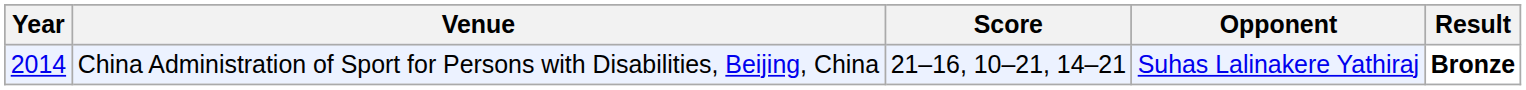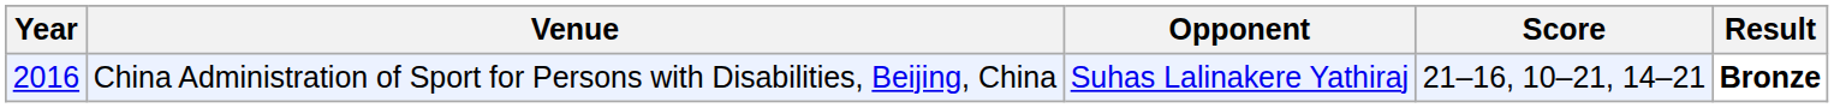 <table class="sortable wikitable" style="font-size: 90%;">
 <tr>
 <th>Year</th>
 <th>Venue</th>
+<th>Opponent</th>
 <th>Score</th>
-<th>Opponent</th>
 <th>Result</th>
 </tr>
 <tr style="background:#ECF2FF">
-<td align="center"><a href='#'>2014</a></td>
+<td align="center"><a href='#'>2016</a></td>
 <td align="left">China Administration of Sport for Persons with Disabilities, <a href='#'>Beijing</a>, China</td>
+<td align="left"> <a href='#'>Suhas Lalinakere Yathiraj</a></td>
 <td align="left">21–16, 10–21, 14–21</td>
-<td align="left"> <a href='#'>Suhas Lalinakere Yathiraj</a></td>
 <td style="text-align:left; background:white"> <strong>Bronze</strong></td>
 </tr>
 </table>
